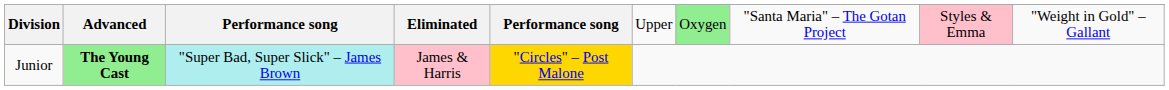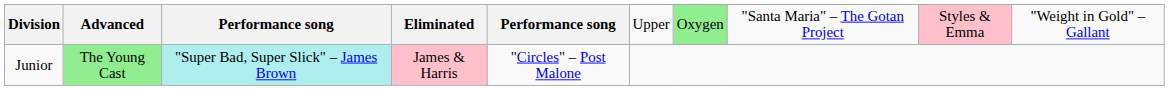 <table class="wikitable sortable" style="text-align:center;">
 <tr>
 <th scope="col" rowspan="2">Division</th>
 <th scope="col" rowspan="2" class="unsortable">Advanced</th>
 <th scope="col" rowspan="2" class="unsortable">Performance song</th>
 <th scope="col" rowspan="2" class="unsortable">Eliminated</th>
 <th scope="col" rowspan="2" class="unsortable">Performance song</th>
 </tr>
 <tr>
 <td>Upper</td>
 <td style="background:lightgreen">Oxygen</td>
 <td>"Santa Maria" – <a href='#'>The Gotan Project</a></td>
 <td style="background:pink">Styles & Emma</td>
 <td>"Weight in Gold" – <a href='#'>Gallant</a></td>
 </tr>
 <tr>
 <td>Junior</td>
-<td style="background:lightgreen"><strong>The Young Cast</strong></td>
+<td style="background:lightgreen">The Young Cast</td>
 <td style="background: paleturquoise;">"Super Bad, Super Slick" – <a href='#'>James Brown</a></td>
 <td style="background:pink">James & Harris</td>
-<td style="background: gold;">"<a href='#'>Circles</a>" – <a href='#'>Post Malone</a></td>
+<td>"<a href='#'>Circles</a>" – <a href='#'>Post Malone</a></td>
 </tr>
 </table>
